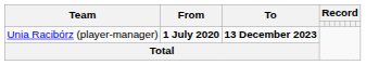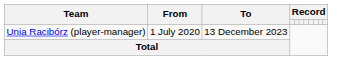 <table class="wikitable" style="text-align: center;">
 <tr>
 <th rowspan="2">Team</th>
 <th rowspan="2">From</th>
 <th rowspan="2">To</th>
 <th colspan="8">Record</th>
 </tr>
 <tr>
 <th></th>
 <th></th>
 <th></th>
 <th></th>
 <th></th>
 <th></th>
 <th></th>
 <th></th>
 </tr>
 <tr>
 <td align=left><a href='#'>Unia Racibórz</a> (player-manager)</td>
-<td align=left><strong>1 July 2020</strong></td>
-<td align=left><strong>13 December 2023<br></strong></td>
+<td align=left>1 July 2020</td>
+<td align=left>13 December 2023<br></td>
 </tr>
 <tr>
 <th colspan="3">Total<br></th>
 </tr>
 </table>
